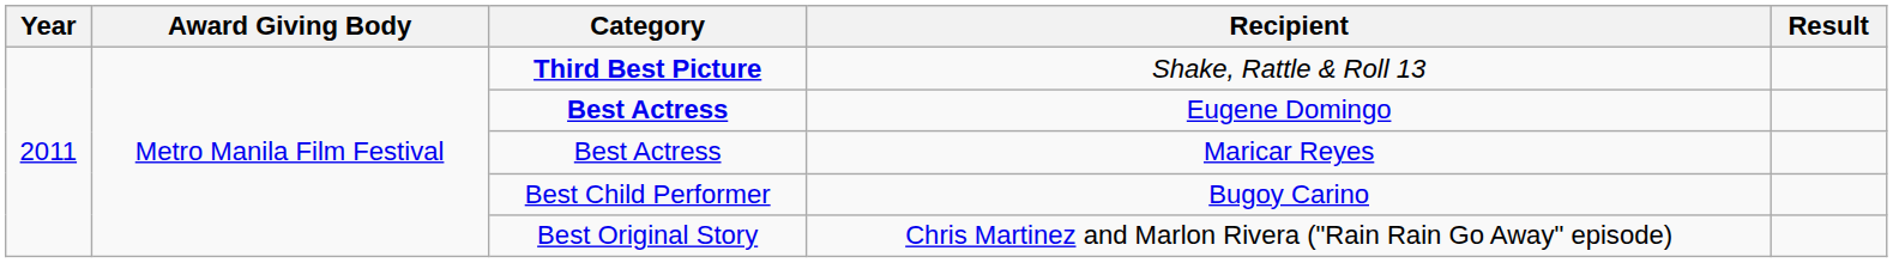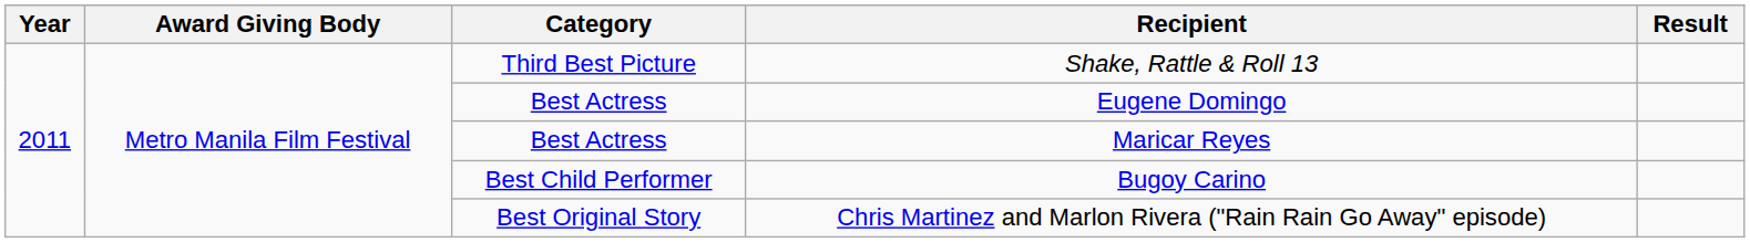 <table class="wikitable" width=90% style="text-align:center">
 <tr bgcolor="#CCCCCC">
 <th>Year</th>
 <th>Award Giving Body</th>
 <th>Category</th>
 <th>Recipient</th>
 <th>Result</th>
 </tr>
 <tr>
 <td rowspan=5><a href='#'>2011</a></td>
 <td rowspan=5><a href='#'>Metro Manila Film Festival</a></td>
-<td><strong><a href='#'>Third Best Picture</a></strong></td>
+<td><a href='#'>Third Best Picture</a></td>
 <td><em>Shake, Rattle & Roll 13</em></td>
 <td></td>
 </tr>
 <tr>
-<td><strong><a href='#'>Best Actress</a></strong></td>
+<td><a href='#'>Best Actress</a></td>
 <td><a href='#'>Eugene Domingo</a></td>
 <td></td>
 </tr>
 <tr>
 <td><a href='#'>Best Actress</a></td>
 <td><a href='#'>Maricar Reyes</a></td>
 <td></td>
 </tr>
 <tr>
 <td><a href='#'>Best Child Performer</a></td>
 <td><a href='#'>Bugoy Carino</a></td>
 <td></td>
 </tr>
 <tr>
 <td><a href='#'>Best Original Story</a></td>
 <td><a href='#'>Chris Martinez</a> and Marlon Rivera ("Rain Rain Go Away" episode)</td>
 <td></td>
 </tr>
 </table>
